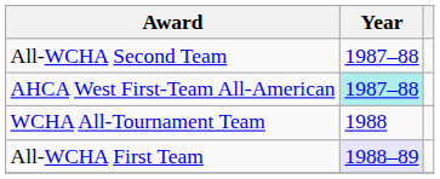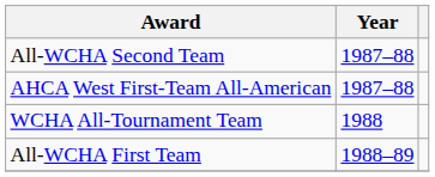 <table class="wikitable">
 <tr>
 <th>Award</th>
 <th>Year</th>
 <th></th>
 </tr>
 <tr>
 <td>All-<a href='#'>WCHA</a> <a href='#'>Second Team</a></td>
 <td><a href='#'>1987–88</a></td>
 <td></td>
 </tr>
 <tr>
 <td><a href='#'>AHCA</a> <a href='#'>West First-Team All-American</a></td>
-<td style="background: paleturquoise;"><a href='#'>1987–88</a></td>
+<td><a href='#'>1987–88</a></td>
 <td></td>
 </tr>
 <tr>
 <td><a href='#'>WCHA</a> <a href='#'>All-Tournament Team</a></td>
 <td><a href='#'>1988</a></td>
 <td></td>
 </tr>
 <tr>
 <td>All-<a href='#'>WCHA</a> <a href='#'>First Team</a></td>
-<td style="background: lavender;"><a href='#'>1988–89</a></td>
+<td><a href='#'>1988–89</a></td>
 <td></td>
 </tr>
 <tr>
 </tr>
 </table>
